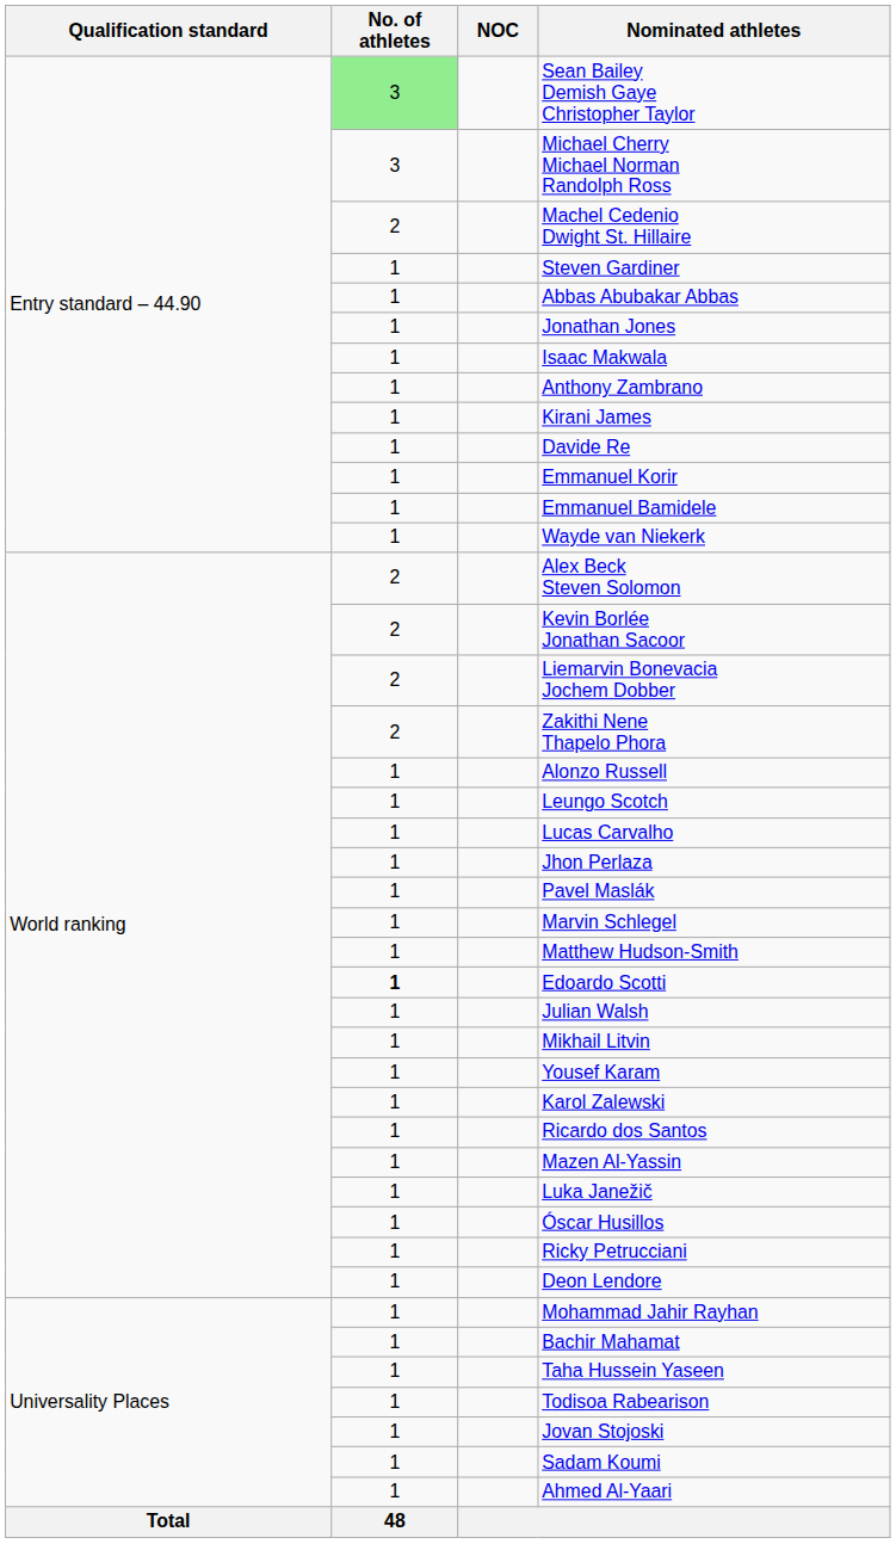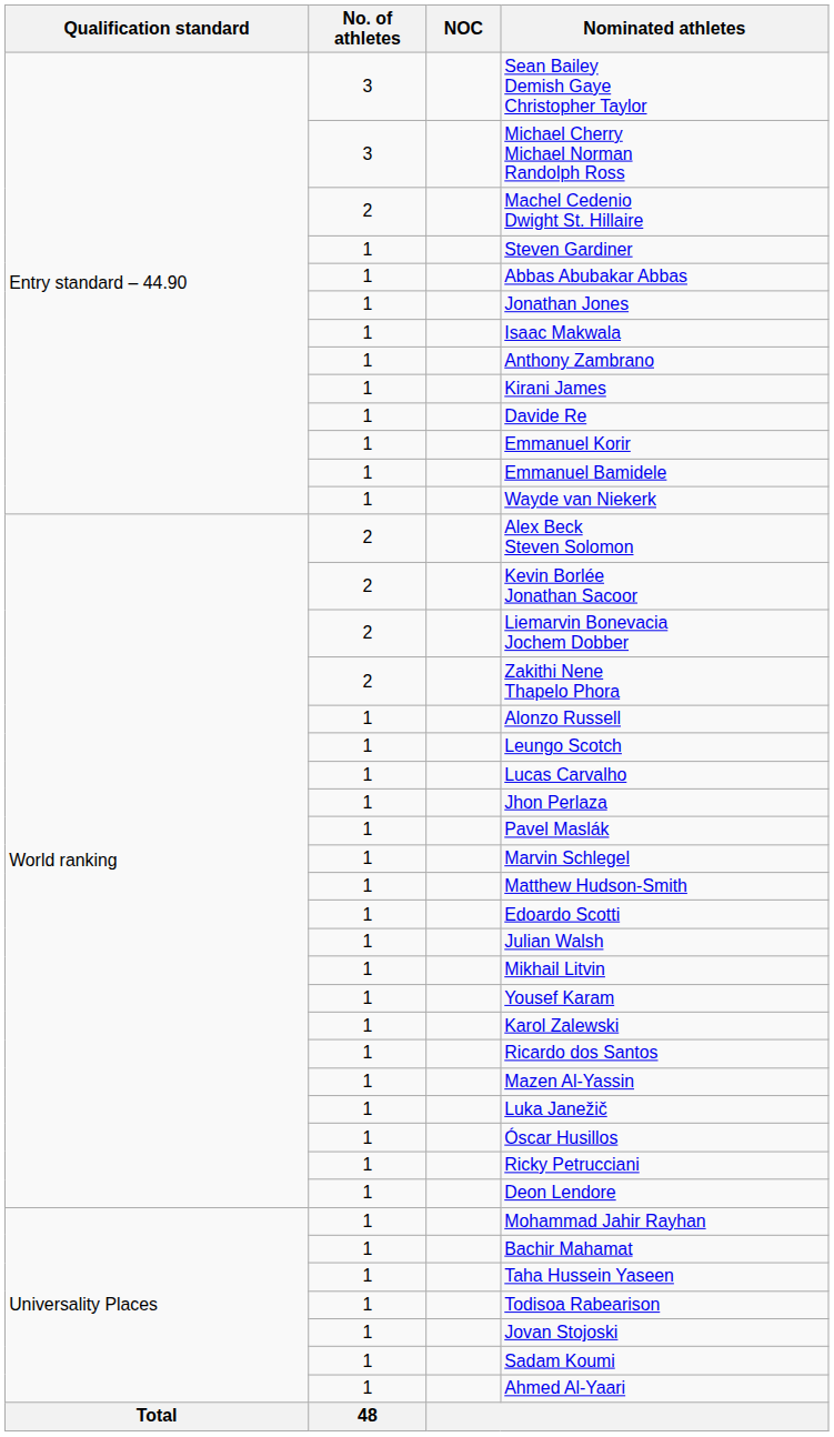 <table class="wikitable" style="text-align:left; width:750px;">
 <tr>
 <th>Qualification standard</th>
 <th width=100>No. of athletes</th>
 <th>NOC</th>
 <th>Nominated athletes</th>
 </tr>
 <tr>
 <td rowspan=13>Entry standard – 44.90</td>
-<td align=center style="background: lightgreen;">3</td>
+<td align=center>3</td>
 <td></td>
 <td><a href='#'>Sean Bailey</a><br><a href='#'>Demish Gaye</a><br><a href='#'>Christopher Taylor</a></td>
 </tr>
 <tr>
 <td align=center>3</td>
 <td></td>
 <td><a href='#'>Michael Cherry</a><br><a href='#'>Michael Norman</a><br><a href='#'>Randolph Ross</a></td>
 </tr>
 <tr>
 <td align=center>2</td>
 <td></td>
 <td><a href='#'>Machel Cedenio</a><br><a href='#'>Dwight St. Hillaire</a></td>
 </tr>
 <tr>
 <td align=center>1</td>
 <td></td>
 <td><a href='#'>Steven Gardiner</a></td>
 </tr>
 <tr>
 <td align=center>1</td>
 <td></td>
 <td><a href='#'>Abbas Abubakar Abbas</a></td>
 </tr>
 <tr>
 <td align=center>1</td>
 <td></td>
 <td><a href='#'>Jonathan Jones</a></td>
 </tr>
 <tr>
 <td align=center>1</td>
 <td></td>
 <td><a href='#'>Isaac Makwala</a></td>
 </tr>
 <tr>
 <td align=center>1</td>
 <td></td>
 <td><a href='#'>Anthony Zambrano</a></td>
 </tr>
 <tr>
 <td align=center>1</td>
 <td></td>
 <td><a href='#'>Kirani James</a></td>
 </tr>
 <tr>
 <td align=center>1</td>
 <td></td>
 <td><a href='#'>Davide Re</a></td>
 </tr>
 <tr>
 <td align=center>1</td>
 <td></td>
 <td><a href='#'>Emmanuel Korir</a></td>
 </tr>
 <tr>
 <td align=center>1</td>
 <td></td>
 <td><a href='#'>Emmanuel Bamidele</a></td>
 </tr>
 <tr>
 <td align=center>1</td>
 <td></td>
 <td><a href='#'>Wayde van Niekerk</a></td>
 </tr>
 <tr>
 <td rowspan=22>World ranking</td>
 <td align=center>2</td>
 <td></td>
 <td><a href='#'>Alex Beck</a><br><a href='#'>Steven Solomon</a></td>
 </tr>
 <tr>
 <td align=center>2</td>
 <td></td>
 <td><a href='#'>Kevin Borlée</a><br><a href='#'>Jonathan Sacoor</a></td>
 </tr>
 <tr>
 <td align=center>2</td>
 <td></td>
 <td><a href='#'>Liemarvin Bonevacia</a><br><a href='#'>Jochem Dobber</a></td>
 </tr>
 <tr>
 <td align=center>2</td>
 <td></td>
 <td><a href='#'>Zakithi Nene</a><br><a href='#'>Thapelo Phora</a></td>
 </tr>
 <tr>
 <td align=center>1</td>
 <td></td>
 <td><a href='#'>Alonzo Russell</a></td>
 </tr>
 <tr>
 <td align=center>1</td>
 <td></td>
 <td><a href='#'>Leungo Scotch</a></td>
 </tr>
 <tr>
 <td align=center>1</td>
 <td></td>
 <td><a href='#'>Lucas Carvalho</a></td>
 </tr>
 <tr>
 <td align=center>1</td>
 <td></td>
 <td><a href='#'>Jhon Perlaza</a></td>
 </tr>
 <tr>
 <td align=center>1</td>
 <td></td>
 <td><a href='#'>Pavel Maslák</a></td>
 </tr>
 <tr>
 <td align=center>1</td>
 <td></td>
 <td><a href='#'>Marvin Schlegel</a></td>
 </tr>
 <tr>
 <td align=center>1</td>
 <td></td>
 <td><a href='#'>Matthew Hudson-Smith</a></td>
 </tr>
 <tr>
-<td align=center><strong>1</strong></td>
+<td align=center>1</td>
 <td></td>
 <td><a href='#'>Edoardo Scotti</a></td>
 </tr>
 <tr>
 <td align=center>1</td>
 <td></td>
 <td><a href='#'>Julian Walsh</a></td>
 </tr>
 <tr>
 <td align=center>1</td>
 <td></td>
 <td><a href='#'>Mikhail Litvin</a></td>
 </tr>
 <tr>
 <td align=center>1</td>
 <td></td>
 <td><a href='#'>Yousef Karam</a></td>
 </tr>
 <tr>
 <td align=center>1</td>
 <td></td>
 <td><a href='#'>Karol Zalewski</a></td>
 </tr>
 <tr>
 <td align=center>1</td>
 <td></td>
 <td><a href='#'>Ricardo dos Santos</a></td>
 </tr>
 <tr>
 <td align=center>1</td>
 <td></td>
 <td><a href='#'>Mazen Al-Yassin</a></td>
 </tr>
 <tr>
 <td align=center>1</td>
 <td></td>
 <td><a href='#'>Luka Janežič</a></td>
 </tr>
 <tr>
 <td align=center>1</td>
 <td></td>
 <td><a href='#'>Óscar Husillos</a></td>
 </tr>
 <tr>
 <td align=center>1</td>
 <td></td>
 <td><a href='#'>Ricky Petrucciani</a></td>
 </tr>
 <tr>
 <td align=center>1</td>
 <td></td>
 <td><a href='#'>Deon Lendore</a></td>
 </tr>
 <tr>
 <td rowspan=7>Universality Places</td>
 <td align=center>1</td>
 <td></td>
 <td><a href='#'>Mohammad Jahir Rayhan</a></td>
 </tr>
 <tr>
 <td align=center>1</td>
 <td></td>
 <td><a href='#'>Bachir Mahamat</a></td>
 </tr>
 <tr>
 <td align=center>1</td>
 <td></td>
 <td><a href='#'>Taha Hussein Yaseen</a></td>
 </tr>
 <tr>
 <td align=center>1</td>
 <td></td>
 <td><a href='#'>Todisoa Rabearison</a></td>
 </tr>
 <tr>
 <td align=center>1</td>
 <td></td>
 <td><a href='#'>Jovan Stojoski</a></td>
 </tr>
 <tr>
 <td align=center>1</td>
 <td></td>
 <td><a href='#'>Sadam Koumi</a></td>
 </tr>
 <tr>
 <td align=center>1</td>
 <td></td>
 <td><a href='#'>Ahmed Al-Yaari</a></td>
 </tr>
 <tr>
 <th>Total</th>
 <th>48</th>
 <th colspan=2></th>
 </tr>
 </table>
